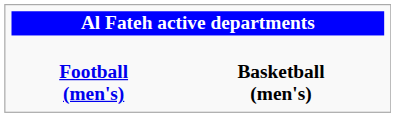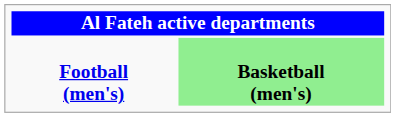 <table class="infobox" style="width: 20em; font-size: 95%em;">
 <tr style="color:white; background:blue; text-align:center;">
 <th colspan="2" style="text-align: center">Al Fateh active departments</th>
 </tr>
 <tr style="text-align: center">
 <td><br><strong><a href='#'>Football<br>(men's)</a></strong></td>
-<td><br><strong>Basketball<br>(men's)</strong></td>
+<td style="background: lightgreen;"><br><strong>Basketball<br>(men's)</strong></td>
 </tr>
 </table>
